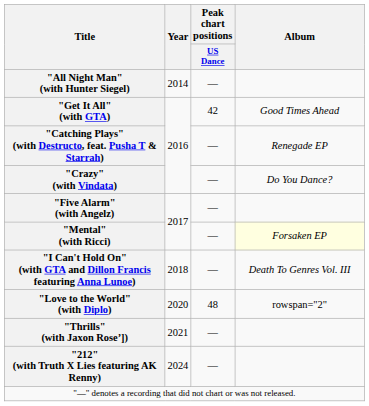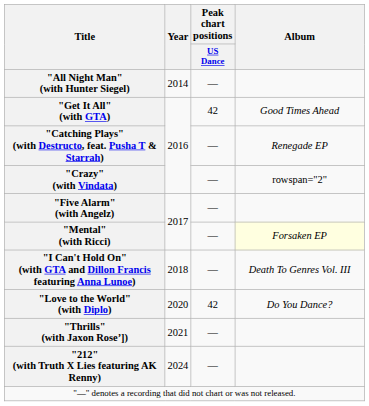 <table class="wikitable plainrowheaders" border="1" style="text-align:center;">
 <tr>
 <th scope="col" style="width:15em;" rowspan="2">Title</th>
 <th scope="col" style="width:2em;" rowspan="2">Year</th>
 <th scope="col">Peak chart positions</th>
 <th scope="col" style="width:12em;" rowspan="2">Album</th>
 </tr>
 <tr>
 <th scope="col" style="width:3em;font-size:85%;"><a href='#'>US</a><br><a href='#'>Dance</a><br></th>
 </tr>
 <tr>
 <th scope="row"><strong>"All Night Man"<br><span>(with Hunter Siegel)</span></strong></th>
 <td>2014</td>
 <td>—</td>
 <td></td>
 </tr>
 <tr>
 <th scope="row">"Get It All"<br><span>(with <a href='#'>GTA</a>)</span></th>
 <td rowspan="3">2016</td>
 <td>42</td>
 <td><em>Good Times Ahead</em></td>
 </tr>
 <tr>
 <th scope="row">"Catching Plays"<br><span>(with <a href='#'>Destructo</a>, feat. <a href='#'>Pusha T</a> & <a href='#'>Starrah</a>)</span></th>
 <td>—</td>
 <td><em>Renegade EP</em></td>
 </tr>
 <tr>
 <th scope="row">"Crazy"<br><span>(with <a href='#'>Vindata</a>)</span></th>
 <td>—</td>
-<td><em>Do You Dance?</em></td>
+<td>rowspan="2" </td>
 </tr>
 <tr>
 <th scope="row">"Five Alarm"<br><span>(with Angelz)</span></th>
 <td rowspan="2">2017</td>
 <td>—</td>
 </tr>
 <tr>
 <th scope="row">"Mental"<br><span>(with Ricci)</span></th>
 <td>—</td>
 <td style="background: lightyellow;"><em>Forsaken EP</em></td>
 </tr>
 <tr>
 <th scope="row">"I Can't Hold On"<br><span>(with <a href='#'>GTA</a> and <a href='#'>Dillon Francis</a> featuring <a href='#'>Anna Lunoe</a>)</span></th>
 <td>2018</td>
 <td>—</td>
 <td><em>Death To Genres Vol. III</em></td>
 </tr>
 <tr>
 <th scope="row">"Love to the World"<br><span>(with <a href='#'>Diplo</a>)</span></th>
 <td>2020</td>
-<td>48</td>
-<td>rowspan="2" </td>
+<td>42</td>
+<td><em>Do You Dance?</em></td>
 </tr>
 <tr>
 <th scope="row">"Thrills" <br><span>(with Jaxon Rose’])</span></th>
 <td>2021</td>
 <td>—</td>
 <td></td>
 </tr>
 <tr>
 <th>"212"<br>(with Truth X Lies featuring AK Renny)</th>
 <td>2024</td>
 <td>—</td>
 <td></td>
 </tr>
 <tr>
 <td colspan="4" style="font-size:85%">"—" denotes a recording that did not chart or was not released.</td>
 </tr>
 </table>
